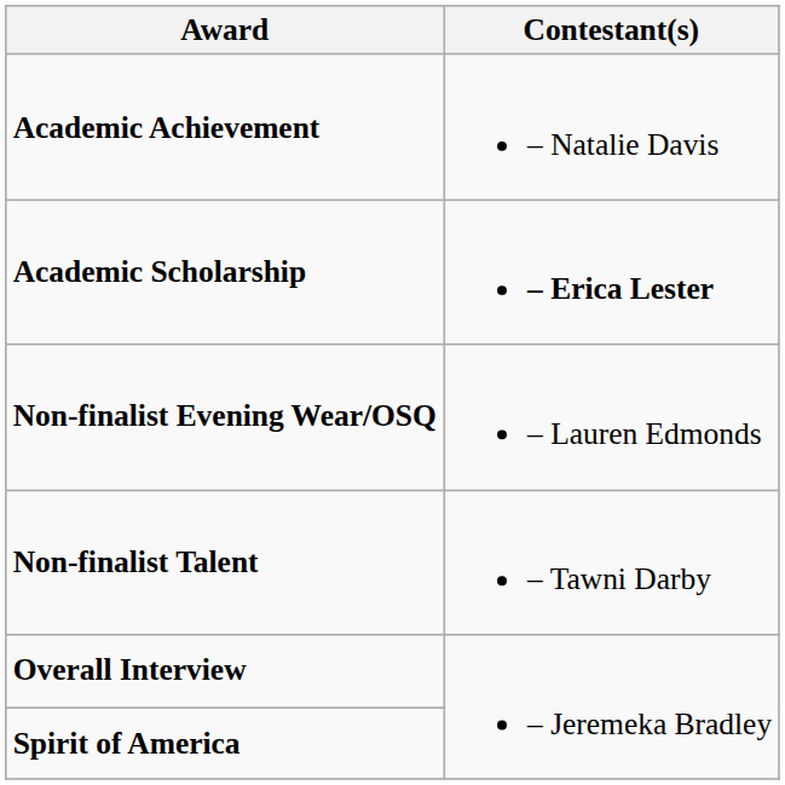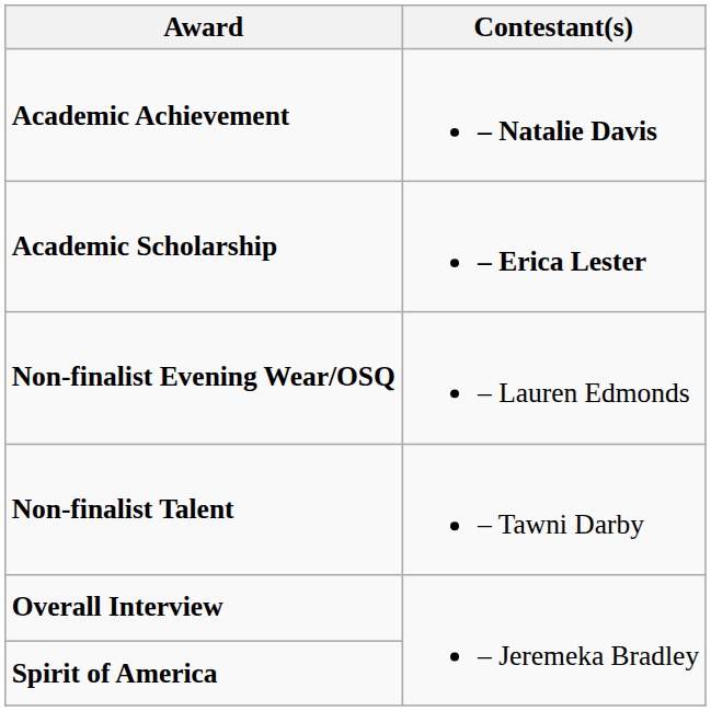 <table class="wikitable sortable">
 <tr>
 <th>Award</th>
 <th>Contestant(s)</th>
 </tr>
 <tr>
 <td><strong>Academic Achievement</strong></td>
-<td><br><ul><li> – Natalie Davis</li></ul></td>
+<td><strong><br><ul><li> – Natalie Davis</li></ul></strong></td>
 </tr>
 <tr>
 <td><strong>Academic Scholarship</strong></td>
 <td><strong><br><ul><li> – Erica Lester</li></ul></strong></td>
 </tr>
 <tr>
 <td><strong>Non-finalist Evening Wear/OSQ</strong></td>
 <td><br><ul><li> – Lauren Edmonds</li></ul></td>
 </tr>
 <tr>
 <td><strong>Non-finalist Talent</strong></td>
 <td><br><ul><li> – Tawni Darby</li></ul></td>
 </tr>
 <tr>
 <td><strong>Overall Interview</strong></td>
 <td rowspan=2><br><ul><li> – Jeremeka Bradley</li></ul></td>
 </tr>
 <tr>
 <td><strong>Spirit of America</strong></td>
 </tr>
 </table>
